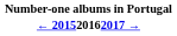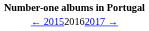 <table class="toc" id="toc" summary="Contents">
 <tr>
 <th>Number-one albums in Portugal</th>
 </tr>
 <tr>
-<td align="center"><strong><a href='#'>← 2015</a>2016<a href='#'>2017 →</a></strong></td>
+<td align="center"><a href='#'>← 2015</a>2016<a href='#'>2017 →</a></td>
 </tr>
 </table>
